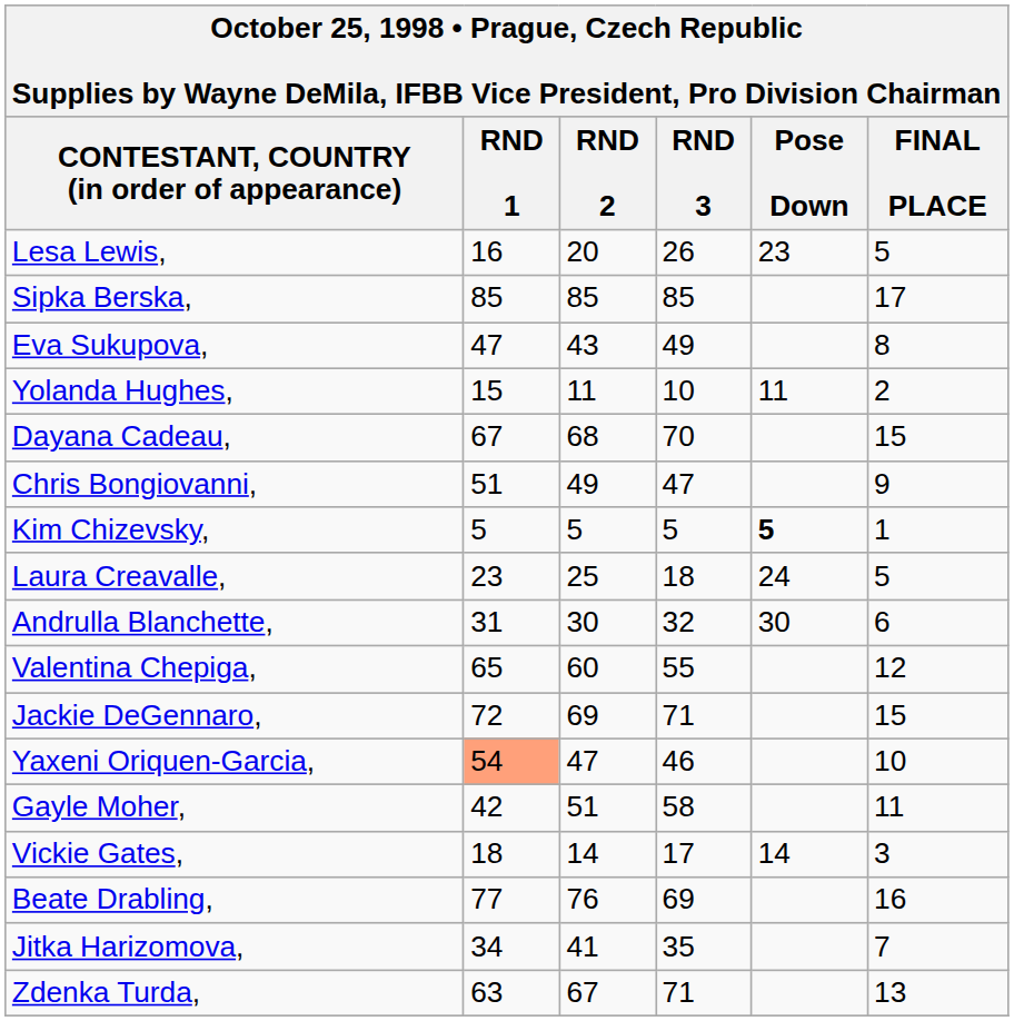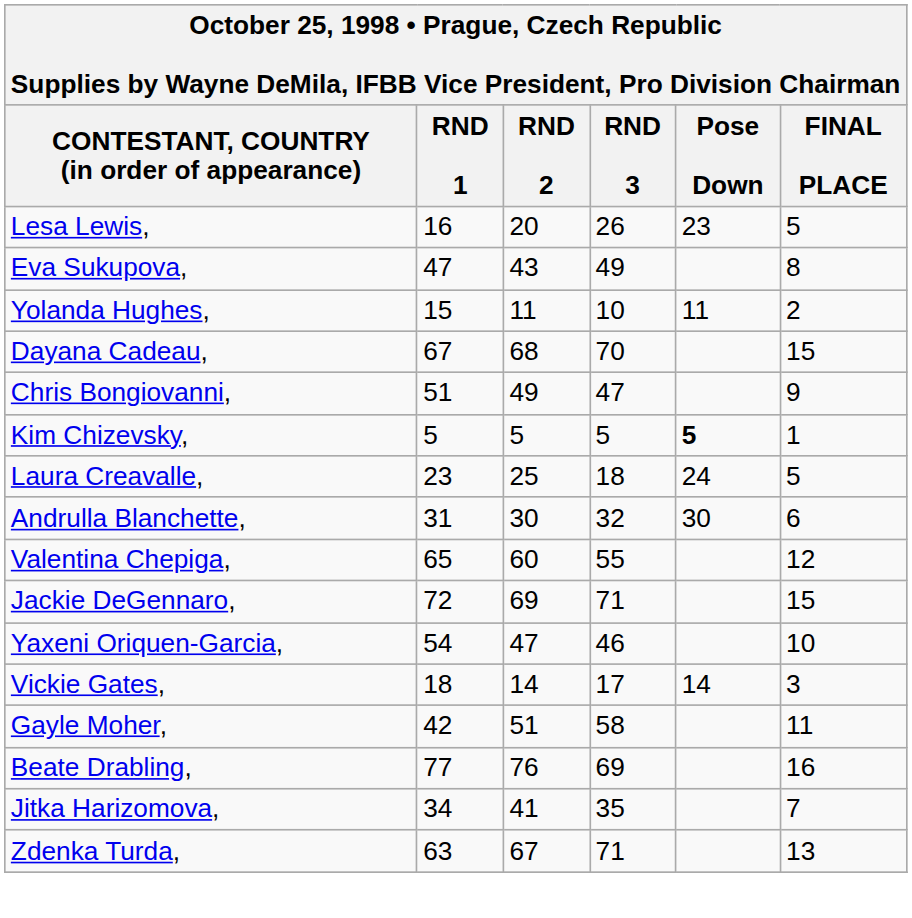 <table class="wikitable">
 <tr>
 <th colspan="6" style="text-align: center">October 25, 1998 • Prague, Czech Republic<br><br>Supplies by Wayne DeMila, IFBB Vice President, Pro Division Chairman</th>
 </tr>
 <tr>
 <th>CONTESTANT, COUNTRY<br>(in order of appearance)</th>
 <th>RND<br><br>1</th>
 <th>RND<br><br>2</th>
 <th>RND<br><br>3</th>
 <th>Pose<br><br>Down</th>
 <th>FINAL<br><br>PLACE</th>
 </tr>
 <tr>
 <td><a href='#'>Lesa Lewis</a>, </td>
 <td>16</td>
 <td>20</td>
 <td>26</td>
 <td>23</td>
 <td>5</td>
-</tr>
-<tr>
-<td><a href='#'>Sipka Berska</a>, </td>
-<td>85</td>
-<td>85</td>
-<td>85</td>
-<td></td>
-<td>17</td>
 </tr>
 <tr>
 <td><a href='#'>Eva Sukupova</a>, </td>
 <td>47</td>
 <td>43</td>
 <td>49</td>
 <td></td>
 <td>8</td>
 </tr>
 <tr>
 <td><a href='#'>Yolanda Hughes</a>, </td>
 <td>15</td>
 <td>11</td>
 <td>10</td>
 <td>11</td>
 <td>2</td>
 </tr>
 <tr>
 <td><a href='#'>Dayana Cadeau</a>, </td>
 <td>67</td>
 <td>68</td>
 <td>70</td>
 <td></td>
 <td>15</td>
 </tr>
 <tr>
 <td><a href='#'>Chris Bongiovanni</a>, </td>
 <td>51</td>
 <td>49</td>
 <td>47</td>
 <td></td>
 <td>9</td>
 </tr>
 <tr>
 <td><a href='#'>Kim Chizevsky</a>, </td>
 <td>5</td>
 <td>5</td>
 <td>5</td>
 <td><strong>5</strong></td>
 <td>1</td>
 </tr>
 <tr>
 <td><a href='#'>Laura Creavalle</a>, </td>
 <td>23</td>
 <td>25</td>
 <td>18</td>
 <td>24</td>
 <td>5</td>
 </tr>
 <tr>
 <td><a href='#'>Andrulla Blanchette</a>, </td>
 <td>31</td>
 <td>30</td>
 <td>32</td>
 <td>30</td>
 <td>6</td>
 </tr>
 <tr>
 <td><a href='#'>Valentina Chepiga</a>, </td>
 <td>65</td>
 <td>60</td>
 <td>55</td>
 <td></td>
 <td>12</td>
 </tr>
 <tr>
 <td><a href='#'>Jackie DeGennaro</a>, </td>
 <td>72</td>
 <td>69</td>
 <td>71</td>
 <td></td>
 <td>15</td>
 </tr>
 <tr>
 <td><a href='#'>Yaxeni Oriquen-Garcia</a>, </td>
-<td style="background: lightsalmon;">54</td>
+<td>54</td>
 <td>47</td>
 <td>46</td>
 <td></td>
 <td>10</td>
+</tr>
+<tr>
+<td><a href='#'>Vickie Gates</a>, </td>
+<td>18</td>
+<td>14</td>
+<td>17</td>
+<td>14</td>
+<td>3</td>
 </tr>
 <tr>
 <td><a href='#'>Gayle Moher</a>, </td>
 <td>42</td>
 <td>51</td>
 <td>58</td>
 <td></td>
 <td>11</td>
-</tr>
-<tr>
-<td><a href='#'>Vickie Gates</a>, </td>
-<td>18</td>
-<td>14</td>
-<td>17</td>
-<td>14</td>
-<td>3</td>
 </tr>
 <tr>
 <td><a href='#'>Beate Drabling</a>, </td>
 <td>77</td>
 <td>76</td>
 <td>69</td>
 <td></td>
 <td>16</td>
 </tr>
 <tr>
 <td><a href='#'>Jitka Harizomova</a>, </td>
 <td>34</td>
 <td>41</td>
 <td>35</td>
 <td></td>
 <td>7</td>
 </tr>
 <tr>
 <td><a href='#'>Zdenka Turda</a>, </td>
 <td>63</td>
 <td>67</td>
 <td>71</td>
 <td></td>
 <td>13</td>
 </tr>
 <tr>
 </tr>
 </table>
